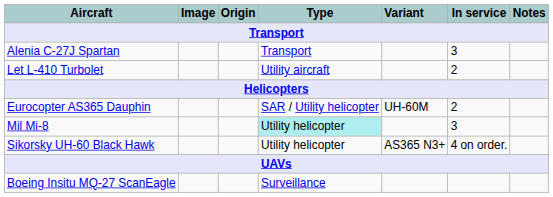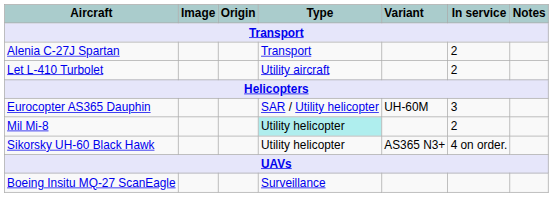 <table class="wikitable">
 <tr>
 <th style="text-align:center; background:#acc;">Aircraft</th>
 <th ! style="text-align:center; background:#acc;">Image</th>
 <th style="text-align: center; background:#acc;">Origin</th>
 <th style="text-align:l center; background:#acc;">Type</th>
 <th style="text-align:left; background:#acc;">Variant</th>
 <th style="text-align:center; background:#acc;">In service</th>
 <th style="text-align: center; background:#acc;">Notes</th>
 </tr>
 <tr>
 <th colspan="8" style="align: center; background: lavender;"><a href='#'>Transport</a></th>
 </tr>
 <tr>
 <td><a href='#'>Alenia C-27J Spartan</a></td>
 <td></td>
 <td></td>
 <td><a href='#'>Transport</a></td>
 <td></td>
-<td>3</td>
+<td>2</td>
 <td></td>
 </tr>
 <tr>
 <td><a href='#'>Let L-410 Turbolet</a></td>
 <td></td>
 <td></td>
 <td><a href='#'>Utility aircraft</a></td>
 <td></td>
 <td>2</td>
 <td></td>
 </tr>
 <tr>
 <th colspan="8" style="align: center; background: lavender;"><a href='#'>Helicopters</a></th>
 </tr>
 <tr>
 <td><a href='#'>Eurocopter AS365 Dauphin</a></td>
 <td></td>
 <td></td>
 <td><a href='#'>SAR</a> / <a href='#'>Utility helicopter</a></td>
 <td>UH-60M</td>
-<td>2</td>
+<td>3</td>
 <td></td>
 </tr>
 <tr>
 <td><a href='#'>Mil Mi-8</a></td>
 <td></td>
 <td></td>
 <td style="background: paleturquoise;">Utility helicopter</td>
 <td></td>
-<td>3</td>
+<td>2</td>
 <td></td>
 </tr>
 <tr>
 <td><a href='#'>Sikorsky UH-60 Black Hawk</a></td>
 <td></td>
 <td></td>
 <td>Utility helicopter</td>
 <td>AS365 N3+</td>
 <td>4 on order.</td>
 <td></td>
 </tr>
 <tr>
 <th colspan="8" style="align: center; background: lavender;"><a href='#'>UAVs</a></th>
 </tr>
 <tr>
 <td><a href='#'>Boeing Insitu MQ-27 ScanEagle</a></td>
 <td></td>
 <td></td>
 <td><a href='#'>Surveillance</a></td>
 <td></td>
 <td></td>
 <td></td>
 </tr>
 </table>
